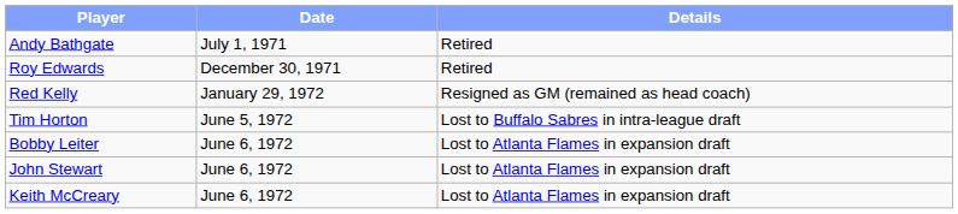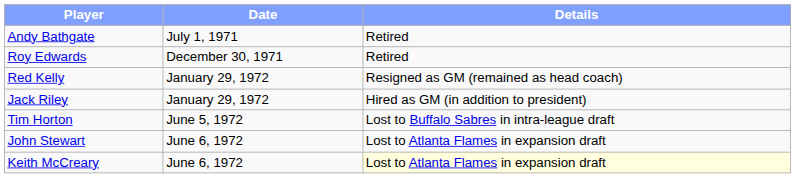 <table class="wikitable" style="width:75%;">
 <tr style="text-align:center; background:#ddd;">
 <th style="color:white; background:#80A0FF; ">Player</th>
 <th style="color:white; background:#80A0FF; ">Date</th>
 <th style="color:white; background:#80A0FF; ">Details</th>
 </tr>
 <tr>
 <td><a href='#'>Andy Bathgate</a></td>
 <td>July 1, 1971</td>
 <td>Retired</td>
 </tr>
 <tr>
 <td><a href='#'>Roy Edwards</a></td>
 <td>December 30, 1971</td>
 <td>Retired</td>
 </tr>
 <tr>
 <td><a href='#'>Red Kelly</a></td>
 <td>January 29, 1972</td>
 <td>Resigned as GM (remained as head coach)</td>
 </tr>
 <tr>
+<td><a href='#'>Jack Riley</a></td>
+<td>January 29, 1972</td>
+<td>Hired as GM (in addition to president)</td>
+</tr>
+<tr>
 <td><a href='#'>Tim Horton</a></td>
 <td>June 5, 1972</td>
 <td>Lost to <a href='#'>Buffalo Sabres</a> in intra-league draft</td>
-</tr>
-<tr>
-<td><a href='#'>Bobby Leiter</a></td>
-<td>June 6, 1972</td>
-<td>Lost to <a href='#'>Atlanta Flames</a> in expansion draft</td>
 </tr>
 <tr>
 <td><a href='#'>John Stewart</a></td>
 <td>June 6, 1972</td>
 <td>Lost to <a href='#'>Atlanta Flames</a> in expansion draft</td>
 </tr>
 <tr>
 <td><a href='#'>Keith McCreary</a></td>
 <td>June 6, 1972</td>
-<td>Lost to <a href='#'>Atlanta Flames</a> in expansion draft</td>
+<td style="background: lightyellow;">Lost to <a href='#'>Atlanta Flames</a> in expansion draft</td>
 </tr>
 </table>
